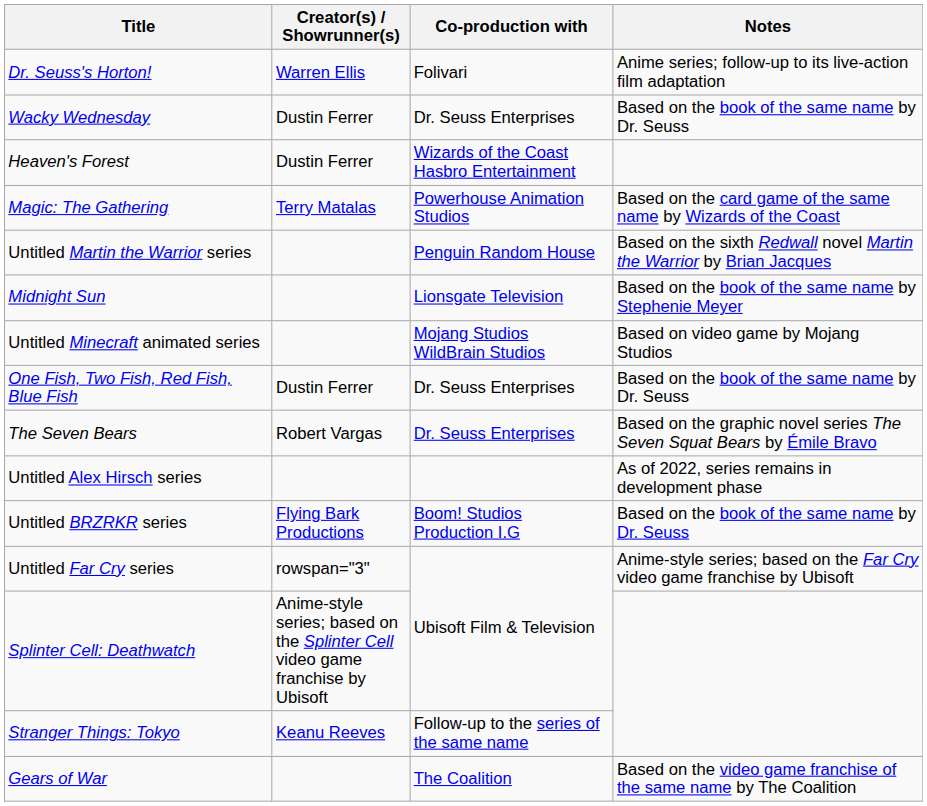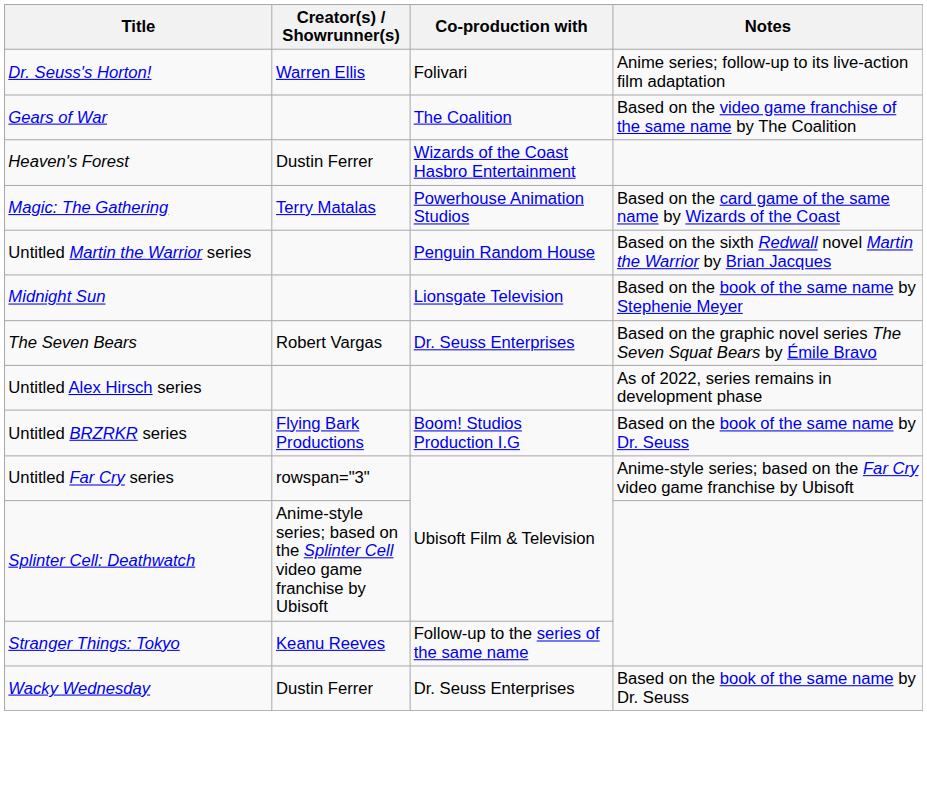 <table class="wikitable sortable" style="width:100%;">
 <tr>
 <th width = 250px>Title</th>
 <th width = 125px>Creator(s) / Showrunner(s)</th>
 <th>Co-production with</th>
 <th>Notes</th>
 </tr>
 <tr>
 <td><em><a href='#'>Dr. Seuss's Horton!</a></em></td>
 <td><a href='#'>Warren Ellis</a></td>
 <td>Folivari</td>
 <td>Anime series; follow-up to its live-action film adaptation</td>
 </tr>
 <tr>
-<td><em><a href='#'>Wacky Wednesday</a></em></td>
-<td>Dustin Ferrer</td>
-<td>Dr. Seuss Enterprises</td>
-<td>Based on the <a href='#'>book of the same name</a> by Dr. Seuss</td>
+<td><em><a href='#'>Gears of War</a></em></td>
+<td></td>
+<td><a href='#'>The Coalition</a></td>
+<td>Based on the <a href='#'>video game franchise of the same name</a> by The Coalition</td>
 </tr>
 <tr>
 <td><em>Heaven's Forest</em></td>
 <td>Dustin Ferrer</td>
 <td><a href='#'>Wizards of the Coast</a><br><a href='#'>Hasbro Entertainment</a></td>
 <td></td>
 </tr>
 <tr>
 <td><em><a href='#'>Magic: The Gathering</a></em></td>
 <td><a href='#'>Terry Matalas</a></td>
 <td><a href='#'>Powerhouse Animation Studios</a></td>
 <td>Based on the <a href='#'>card game of the same name</a> by <a href='#'>Wizards of the Coast</a></td>
 </tr>
 <tr>
 <td>Untitled <em><a href='#'>Martin the Warrior</a></em> series</td>
 <td></td>
 <td><a href='#'>Penguin Random House</a></td>
 <td>Based on the sixth <em><a href='#'>Redwall</a></em> novel <em><a href='#'>Martin the Warrior</a></em> by <a href='#'>Brian Jacques</a></td>
 </tr>
 <tr>
 <td><em><a href='#'>Midnight Sun</a></em></td>
 <td></td>
 <td><a href='#'>Lionsgate Television</a></td>
 <td>Based on the <a href='#'>book of the same name</a> by <a href='#'>Stephenie Meyer</a></td>
-</tr>
-<tr>
-<td>Untitled <em><a href='#'>Minecraft</a></em> animated series</td>
-<td></td>
-<td><a href='#'>Mojang Studios</a><br><a href='#'>WildBrain Studios</a></td>
-<td>Based on video game by Mojang Studios</td>
-</tr>
-<tr>
-<td><em><a href='#'>One Fish, Two Fish, Red Fish, Blue Fish</a></em></td>
-<td>Dustin Ferrer</td>
-<td>Dr. Seuss Enterprises</td>
-<td>Based on the <a href='#'>book of the same name</a> by Dr. Seuss</td>
 </tr>
 <tr>
 <td><em>The Seven Bears</em></td>
 <td>Robert Vargas</td>
 <td><a href='#'>Dr. Seuss Enterprises</a></td>
 <td>Based on the graphic novel series <em>The Seven Squat Bears</em> by <a href='#'>Émile Bravo</a></td>
 </tr>
 <tr>
 <td>Untitled <a href='#'>Alex Hirsch</a> series</td>
 <td></td>
 <td></td>
 <td>As of 2022, series remains in development phase</td>
 </tr>
 <tr>
 <td>Untitled <em><a href='#'>BRZRKR</a></em> series</td>
 <td><a href='#'>Flying Bark Productions</a></td>
 <td><a href='#'>Boom! Studios</a><br><a href='#'>Production I.G</a></td>
 <td>Based on the <a href='#'>book of the same name</a> by <a href='#'>Dr. Seuss</a></td>
 </tr>
 <tr>
 <td>Untitled <em><a href='#'>Far Cry</a></em> series</td>
 <td>rowspan="3" </td>
 <td rowspan="2">Ubisoft Film & Television</td>
 <td>Anime-style series; based on the <em><a href='#'>Far Cry</a></em> video game franchise by Ubisoft</td>
 </tr>
 <tr>
 <td><em><a href='#'>Splinter Cell: Deathwatch</a></em></td>
 <td>Anime-style series; based on the <em><a href='#'>Splinter Cell</a></em> video game franchise by Ubisoft</td>
 </tr>
 <tr>
 <td><em><a href='#'>Stranger Things: Tokyo</a></em></td>
 <td><a href='#'>Keanu Reeves</a></td>
 <td>Follow-up to the <a href='#'>series of the same name</a></td>
 </tr>
 <tr>
-<td><em><a href='#'>Gears of War</a></em></td>
-<td></td>
-<td><a href='#'>The Coalition</a></td>
-<td>Based on the <a href='#'>video game franchise of the same name</a> by The Coalition</td>
+<td><em><a href='#'>Wacky Wednesday</a></em></td>
+<td>Dustin Ferrer</td>
+<td>Dr. Seuss Enterprises</td>
+<td>Based on the <a href='#'>book of the same name</a> by Dr. Seuss</td>
 </tr>
 </table>
